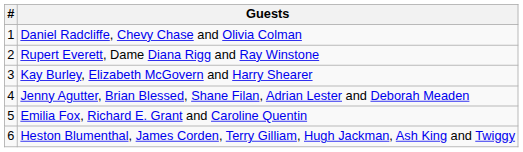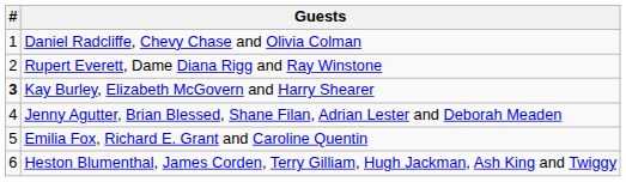 <table class="wikitable unsortable">
 <tr>
 <th>#</th>
 <th>Guests</th>
 </tr>
 <tr>
 <td>1</td>
 <td><a href='#'>Daniel Radcliffe</a>, <a href='#'>Chevy Chase</a> and <a href='#'>Olivia Colman</a></td>
 </tr>
 <tr>
 <td>2</td>
 <td><a href='#'>Rupert Everett</a>, Dame <a href='#'>Diana Rigg</a> and <a href='#'>Ray Winstone</a></td>
 </tr>
 <tr>
-<td>3</td>
+<td><strong>3</strong></td>
 <td><a href='#'>Kay Burley</a>, <a href='#'>Elizabeth McGovern</a> and <a href='#'>Harry Shearer</a></td>
 </tr>
 <tr>
 <td>4</td>
 <td><a href='#'>Jenny Agutter</a>, <a href='#'>Brian Blessed</a>, <a href='#'>Shane Filan</a>, <a href='#'>Adrian Lester</a> and <a href='#'>Deborah Meaden</a></td>
 </tr>
 <tr>
 <td>5</td>
 <td><a href='#'>Emilia Fox</a>, <a href='#'>Richard E. Grant</a> and <a href='#'>Caroline Quentin</a></td>
 </tr>
 <tr>
 <td>6</td>
 <td><a href='#'>Heston Blumenthal</a>, <a href='#'>James Corden</a>, <a href='#'>Terry Gilliam</a>, <a href='#'>Hugh Jackman</a>, <a href='#'>Ash King</a> and <a href='#'>Twiggy</a></td>
 </tr>
 </table>
